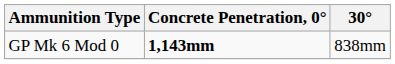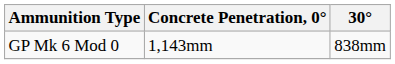 <table class="wikitable">
 <tr>
 <th>Ammunition Type</th>
 <th>Concrete Penetration, 0° </th>
 <th>30°</th>
 </tr>
 <tr>
 <td>GP Mk 6 Mod 0</td>
-<td><strong>1,143mm</strong></td>
+<td>1,143mm</td>
 <td>838mm</td>
 </tr>
 <tr>
 </tr>
 </table>
